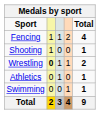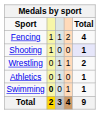 <table class="wikitable" style="font-size:85%; float:right;">
 <tr style="background:#efefef;">
 <th colspan=7>Medals by sport</th>
 </tr>
 <tr style="text-align:center">
 <td><strong>Sport</strong></td>
 <td bgcolor=#f7f6a8></td>
 <td bgcolor=#dce5e5></td>
 <td bgcolor=#ffdab9></td>
 <td><strong>Total</strong></td>
 </tr>
 <tr style="text-align:center">
 <td><a href='#'>Fencing</a></td>
 <td bgcolor=F7F6A8>1</td>
 <td bgcolor=DCE5E5>1</td>
 <td bgcolor=FFDAB9>2</td>
 <td><strong>4</strong></td>
 </tr>
 <tr style="text-align:center">
 <td><a href='#'>Shooting</a></td>
 <td bgcolor=F7F6A8>1</td>
 <td bgcolor=DCE5E5>0</td>
 <td bgcolor=FFDAB9>0</td>
-<td><strong>1</strong></td>
+<td style="background: lavender;"><strong>1</strong></td>
 </tr>
 <tr style="text-align:center">
 <td><a href='#'>Wrestling</a></td>
-<td bgcolor=F7F6A8><strong>0</strong></td>
+<td bgcolor=F7F6A8>0</td>
 <td bgcolor=DCE5E5>1</td>
 <td bgcolor=FFDAB9>1</td>
 <td><strong>2</strong></td>
 </tr>
 <tr style="text-align:center">
 <td><a href='#'>Athletics</a></td>
 <td bgcolor=F7F6A8>0</td>
 <td bgcolor=DCE5E5>1</td>
 <td bgcolor=FFDAB9>0</td>
 <td><strong>1</strong></td>
 </tr>
 <tr style="text-align:center">
 <td><a href='#'>Swimming</a></td>
-<td bgcolor=F7F6A8>0</td>
+<td bgcolor=F7F6A8><strong>0</strong></td>
 <td bgcolor=DCE5E5>0</td>
 <td bgcolor=FFDAB9>1</td>
 <td><strong>1</strong></td>
 </tr>
 <tr style="text-align:center">
 <th>Total</th>
 <th style="background:gold">2</th>
 <th style="background:silver">3</th>
 <th style="background:#c96">4</th>
 <th>9</th>
 </tr>
 </table>
